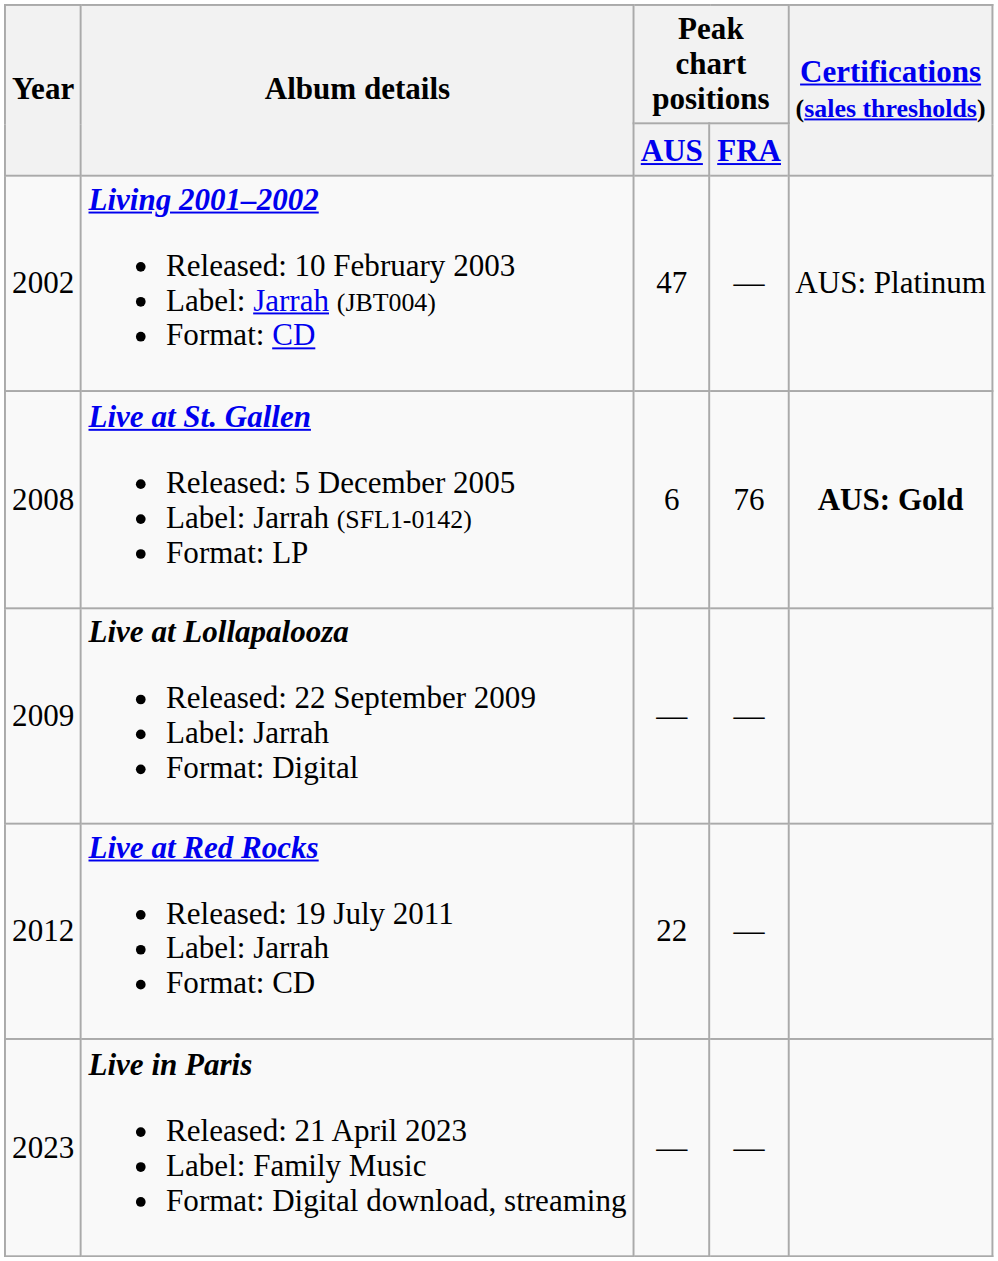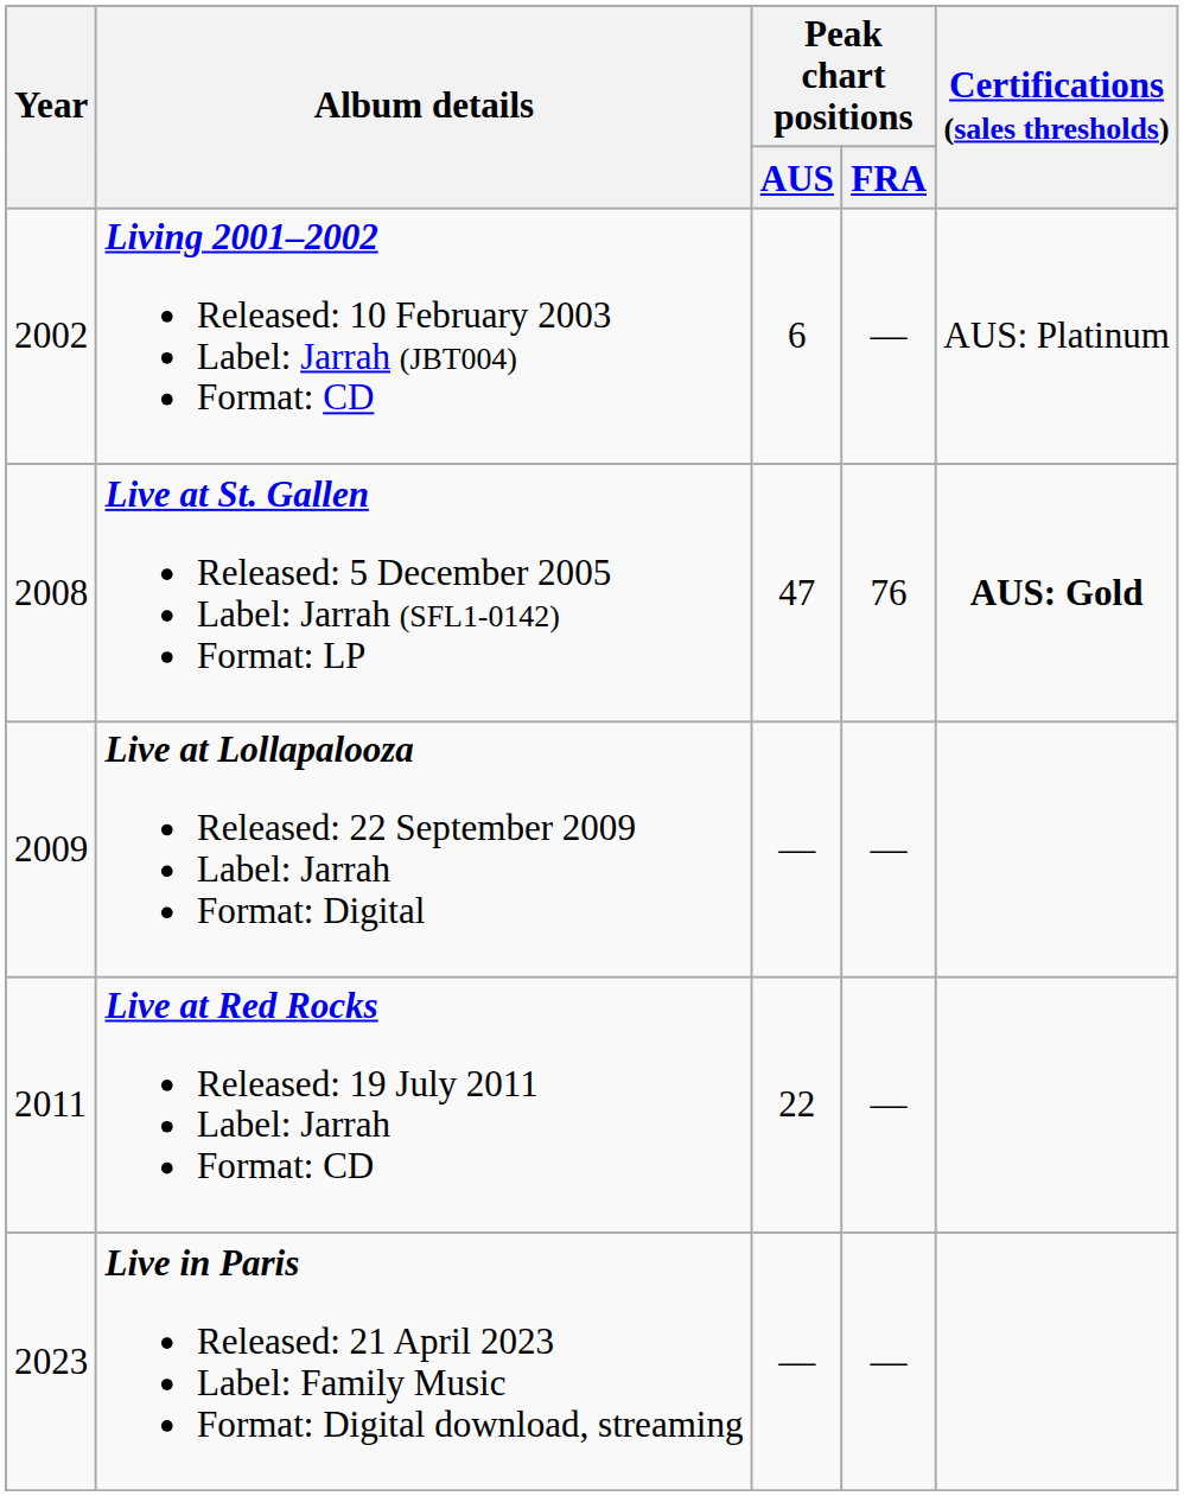 <table class="wikitable">
 <tr>
 <th rowspan="2">Year</th>
 <th rowspan="2">Album details</th>
 <th colspan="2">Peak chart positions</th>
 <th rowspan="2"><a href='#'>Certifications</a><br><small>(<a href='#'>sales thresholds</a>)</small></th>
 </tr>
 <tr style="line-height:1.2">
 <th style="width:30px;"><a href='#'>AUS</a><br></th>
 <th style="width:30px;"><a href='#'>FRA</a><br></th>
 </tr>
 <tr>
 <td>2002</td>
 <td><strong><em><a href='#'>Living 2001–2002</a></em></strong><br><ul><li>Released: 10 February 2003</li><li>Label: <a href='#'>Jarrah</a> <small>(JBT004)</small></li><li>Format: <a href='#'>CD</a></li></ul></td>
-<td style="text-align:center;">47</td>
+<td style="text-align:center;">6</td>
 <td style="text-align:center;">—</td>
 <td style="text-align:center;">AUS: Platinum</td>
 </tr>
 <tr>
 <td>2008</td>
 <td><strong><em><a href='#'>Live at St. Gallen</a></em></strong><br><ul><li>Released: 5 December 2005</li><li>Label: Jarrah <small>(SFL1-0142)</small></li><li>Format: LP</li></ul></td>
-<td style="text-align:center;">6</td>
+<td style="text-align:center;">47</td>
 <td style="text-align:center;">76</td>
 <td style="text-align:center;"><strong>AUS: Gold</strong></td>
 </tr>
 <tr>
 <td>2009</td>
 <td><strong><em>Live at Lollapalooza</em></strong><br><ul><li>Released: 22 September 2009</li><li>Label: Jarrah</li><li>Format: Digital</li></ul></td>
 <td style="text-align:center;">—</td>
 <td style="text-align:center;">—</td>
 <td></td>
 </tr>
 <tr>
-<td>2012</td>
+<td>2011</td>
 <td><strong><em><a href='#'>Live at Red Rocks</a></em></strong><br><ul><li>Released: 19 July 2011</li><li>Label: Jarrah</li><li>Format: CD</li></ul></td>
 <td style="text-align:center;">22</td>
 <td style="text-align:center;">—</td>
 <td></td>
 </tr>
 <tr>
 <td>2023</td>
 <td><strong><em>Live in Paris</em></strong><br><ul><li>Released: 21 April 2023</li><li>Label: Family Music</li><li>Format: Digital download, streaming</li></ul></td>
 <td style="text-align:center;">—</td>
 <td style="text-align:center;">—</td>
 <td></td>
 </tr>
 </table>
